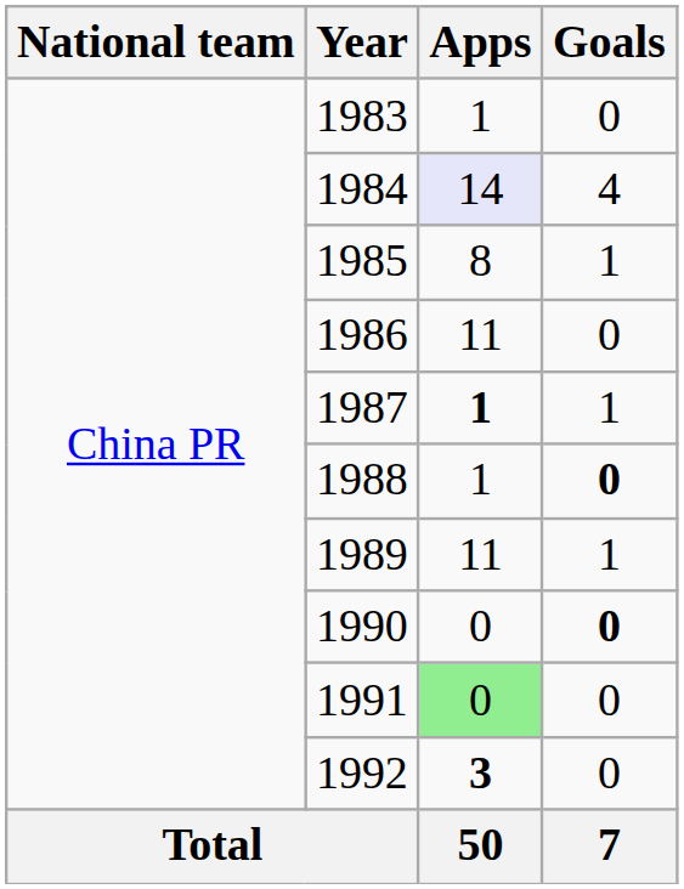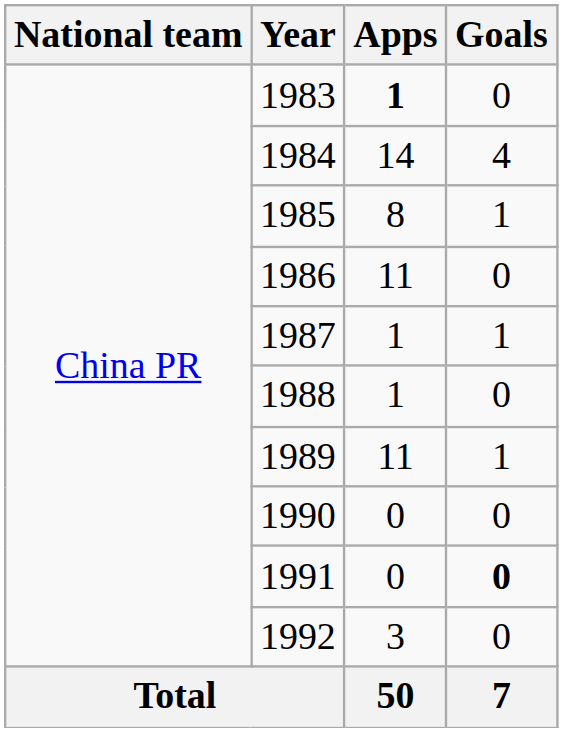 <table class="wikitable" style="text-align:center">
 <tr>
 <th>National team</th>
 <th>Year</th>
 <th>Apps</th>
 <th>Goals</th>
 </tr>
 <tr>
 <td rowspan="10"><a href='#'>China PR</a></td>
 <td>1983</td>
-<td>1</td>
+<td><strong>1</strong></td>
 <td>0</td>
 </tr>
 <tr>
 <td>1984</td>
-<td style="background: lavender;">14</td>
+<td>14</td>
 <td>4</td>
 </tr>
 <tr>
 <td>1985</td>
 <td>8</td>
 <td>1</td>
 </tr>
 <tr>
 <td>1986</td>
 <td>11</td>
 <td>0</td>
 </tr>
 <tr>
 <td>1987</td>
-<td><strong>1</strong></td>
+<td>1</td>
 <td>1</td>
 </tr>
 <tr>
 <td>1988</td>
 <td>1</td>
-<td><strong>0</strong></td>
+<td>0</td>
 </tr>
 <tr>
 <td>1989</td>
 <td>11</td>
 <td>1</td>
 </tr>
 <tr>
 <td>1990</td>
 <td>0</td>
+<td>0</td>
+</tr>
+<tr>
+<td>1991</td>
+<td>0</td>
 <td><strong>0</strong></td>
 </tr>
 <tr>
-<td>1991</td>
-<td style="background: lightgreen;">0</td>
-<td>0</td>
-</tr>
-<tr>
 <td>1992</td>
-<td><strong>3</strong></td>
+<td>3</td>
 <td>0</td>
 </tr>
 <tr>
 <th colspan="2">Total</th>
 <th>50</th>
 <th>7</th>
 </tr>
 </table>
